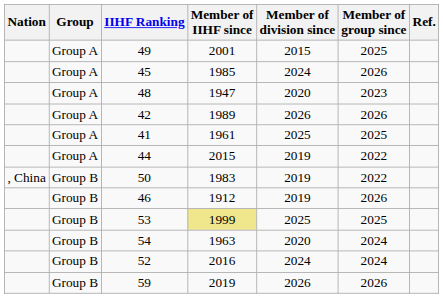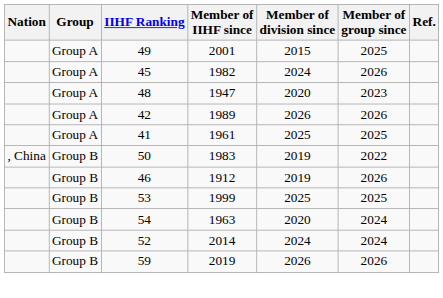 <table class="wikitable sortable" style="text-align:center">
 <tr>
 <th>Nation</th>
 <th>Group<br></th>
 <th><a href='#'>IIHF Ranking</a><br></th>
 <th>Member of<br>IIHF since</th>
 <th>Member of<br>division since</th>
 <th>Member of<br>group since</th>
 <th class="unsortable">Ref.</th>
 </tr>
 <tr>
 <td align="left"></td>
 <td align="left">Group A</td>
 <td>49</td>
 <td>2001</td>
 <td> 2015</td>
 <td> 2025</td>
 <td></td>
 </tr>
 <tr>
 <td align="left"></td>
 <td align="left">Group A</td>
 <td>45</td>
-<td>1985</td>
+<td>1982</td>
 <td> 2024</td>
 <td> 2026</td>
 <td></td>
 </tr>
 <tr>
 <td align="left"></td>
 <td align="left">Group A</td>
 <td>48</td>
 <td>1947</td>
 <td> 2020</td>
 <td> 2023</td>
 <td></td>
 </tr>
 <tr>
 <td align="left"></td>
 <td align="left">Group A</td>
 <td>42</td>
 <td>1989</td>
 <td> 2026</td>
 <td> 2026</td>
 <td></td>
 </tr>
 <tr>
 <td align="left"></td>
 <td align="left">Group A</td>
 <td>41</td>
 <td>1961</td>
 <td> 2025</td>
 <td> 2025</td>
 <td></td>
 </tr>
 <tr>
-<td align="left"></td>
-<td align="left">Group A</td>
-<td>44</td>
-<td>2015</td>
-<td> 2019</td>
-<td> 2022</td>
-<td></td>
-</tr>
-<tr>
 <td align="left">, China</td>
 <td align="left">Group B</td>
 <td>50</td>
 <td>1983</td>
 <td> 2019</td>
 <td> 2022</td>
 <td></td>
 </tr>
 <tr>
 <td align="left"></td>
 <td align="left">Group B</td>
 <td>46</td>
 <td>1912</td>
 <td> 2019</td>
 <td> 2026</td>
 <td></td>
 </tr>
 <tr>
 <td align="left"></td>
 <td align="left">Group B</td>
 <td>53</td>
-<td style="background: khaki;">1999</td>
+<td>1999</td>
 <td> 2025</td>
 <td> 2025</td>
 <td></td>
 </tr>
 <tr>
 <td align="left"></td>
 <td align="left">Group B</td>
 <td>54</td>
 <td>1963</td>
 <td> 2020</td>
 <td> 2024</td>
 <td></td>
 </tr>
 <tr>
 <td align="left"></td>
 <td align="left">Group B</td>
 <td>52</td>
-<td>2016</td>
+<td>2014</td>
 <td> 2024</td>
 <td> 2024</td>
 <td></td>
 </tr>
 <tr>
 <td align="left"></td>
 <td align="left">Group B</td>
 <td>59</td>
 <td>2019</td>
 <td> 2026</td>
 <td> 2026</td>
 <td></td>
 </tr>
 </table>
